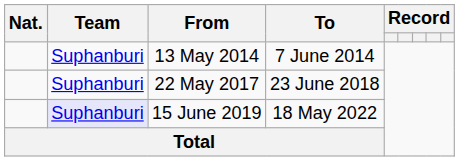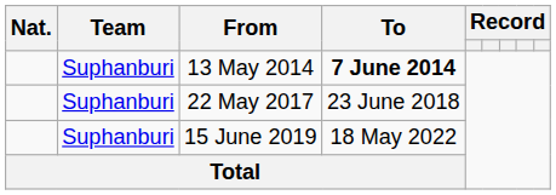 <table class="wikitable" style="text-align: center">
 <tr>
 <th rowspan=2>Nat.</th>
 <th rowspan=2>Team</th>
 <th rowspan=2>From</th>
 <th rowspan=2>To</th>
 <th colspan=8>Record</th>
 </tr>
 <tr>
 <th></th>
 <th></th>
 <th></th>
 <th></th>
 <th></th>
 </tr>
 <tr>
 <td></td>
 <td><a href='#'>Suphanburi</a></td>
 <td>13 May 2014</td>
-<td>7 June 2014<br></td>
+<td><strong>7 June 2014<br></strong></td>
 </tr>
 <tr>
 <td></td>
 <td><a href='#'>Suphanburi</a></td>
 <td>22 May 2017</td>
 <td>23 June 2018<br></td>
 </tr>
 <tr>
 <td></td>
-<td style="background: lavender;"><a href='#'>Suphanburi</a></td>
+<td><a href='#'>Suphanburi</a></td>
 <td>15 June 2019</td>
 <td>18 May 2022<br></td>
 </tr>
 <tr>
 <th colspan=4>Total<br></th>
 </tr>
 </table>
